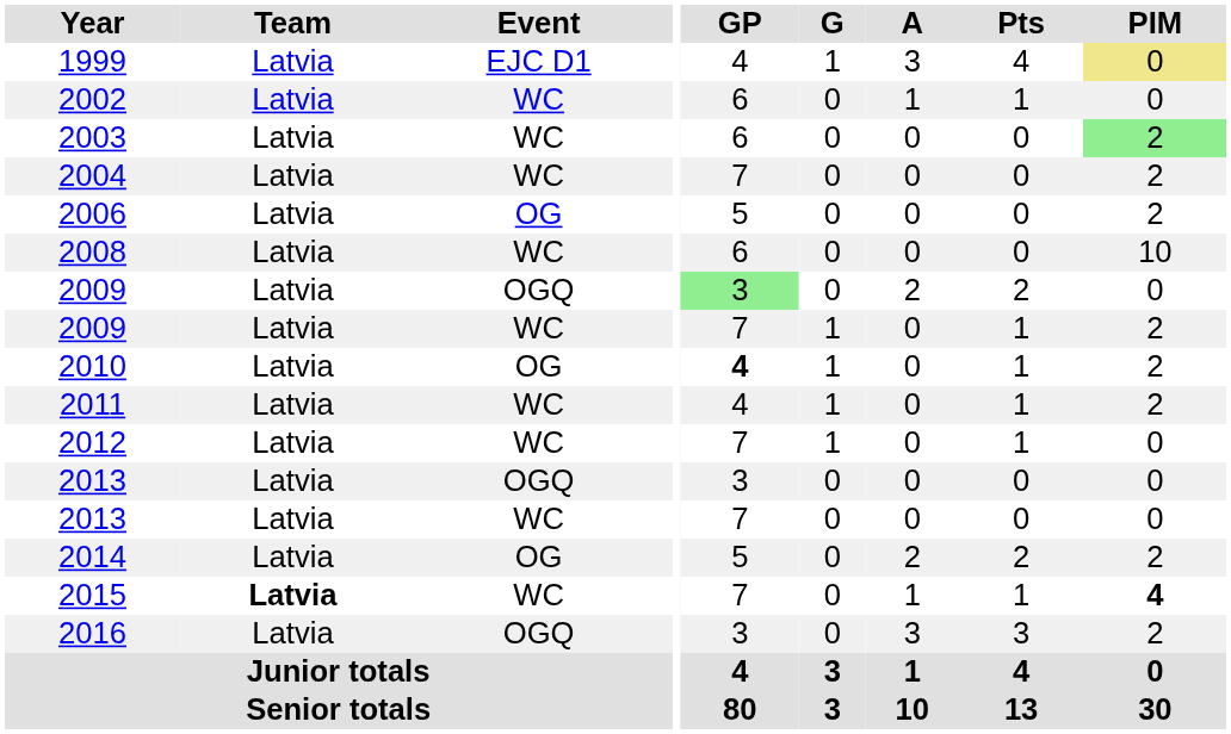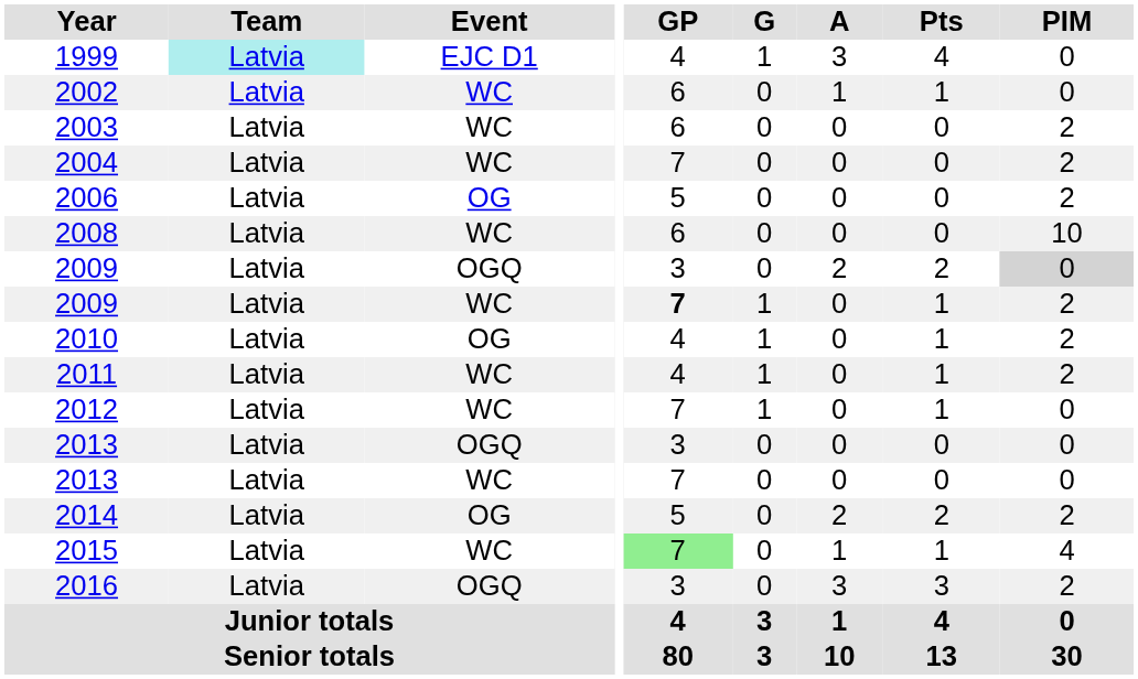 <table border="0" cellpadding="1" cellspacing="0" ID="Table3" style="text-align:center; width:40em">
 <tr ALIGN="center" bgcolor="#e0e0e0">
 <th>Year</th>
 <th>Team</th>
 <th>Event</th>
 <th rowspan="99" bgcolor="#ffffff"></th>
 <th>GP</th>
 <th>G</th>
 <th>A</th>
 <th>Pts</th>
 <th>PIM</th>
 </tr>
 <tr>
 <td><a href='#'>1999</a></td>
-<td><a href='#'>Latvia</a></td>
+<td style="background: paleturquoise;"><a href='#'>Latvia</a></td>
 <td><a href='#'>EJC D1</a></td>
 <td>4</td>
 <td>1</td>
 <td>3</td>
 <td>4</td>
-<td style="background: khaki;">0</td>
+<td>0</td>
 </tr>
 <tr bgcolor="#f0f0f0">
 <td><a href='#'>2002</a></td>
 <td><a href='#'>Latvia</a></td>
 <td><a href='#'>WC</a></td>
 <td>6</td>
 <td>0</td>
 <td>1</td>
 <td>1</td>
 <td>0</td>
 </tr>
 <tr>
 <td><a href='#'>2003</a></td>
 <td>Latvia</td>
 <td>WC</td>
 <td>6</td>
 <td>0</td>
 <td>0</td>
 <td>0</td>
-<td style="background: lightgreen;">2</td>
+<td>2</td>
 </tr>
 <tr bgcolor="#f0f0f0">
 <td><a href='#'>2004</a></td>
 <td>Latvia</td>
 <td>WC</td>
 <td>7</td>
 <td>0</td>
 <td>0</td>
 <td>0</td>
 <td>2</td>
 </tr>
 <tr>
 <td><a href='#'>2006</a></td>
 <td>Latvia</td>
 <td><a href='#'>OG</a></td>
 <td>5</td>
 <td>0</td>
 <td>0</td>
 <td>0</td>
 <td>2</td>
 </tr>
 <tr bgcolor="#f0f0f0">
 <td><a href='#'>2008</a></td>
 <td>Latvia</td>
 <td>WC</td>
 <td>6</td>
 <td>0</td>
 <td>0</td>
 <td>0</td>
 <td>10</td>
 </tr>
 <tr>
 <td><a href='#'>2009</a></td>
 <td>Latvia</td>
 <td>OGQ</td>
-<td style="background: lightgreen;">3</td>
+<td>3</td>
 <td>0</td>
 <td>2</td>
 <td>2</td>
-<td>0</td>
+<td style="background: lightgrey;">0</td>
 </tr>
 <tr bgcolor="#f0f0f0">
 <td><a href='#'>2009</a></td>
 <td>Latvia</td>
 <td>WC</td>
-<td>7</td>
+<td><strong>7</strong></td>
 <td>1</td>
 <td>0</td>
 <td>1</td>
 <td>2</td>
 </tr>
 <tr>
 <td><a href='#'>2010</a></td>
 <td>Latvia</td>
 <td>OG</td>
-<td><strong>4</strong></td>
+<td>4</td>
 <td>1</td>
 <td>0</td>
 <td>1</td>
 <td>2</td>
 </tr>
 <tr bgcolor="#f0f0f0">
 <td><a href='#'>2011</a></td>
 <td>Latvia</td>
 <td>WC</td>
 <td>4</td>
 <td>1</td>
 <td>0</td>
 <td>1</td>
 <td>2</td>
 </tr>
 <tr>
 <td><a href='#'>2012</a></td>
 <td>Latvia</td>
 <td>WC</td>
 <td>7</td>
 <td>1</td>
 <td>0</td>
 <td>1</td>
 <td>0</td>
 </tr>
 <tr bgcolor="#f0f0f0">
 <td><a href='#'>2013</a></td>
 <td>Latvia</td>
 <td>OGQ</td>
 <td>3</td>
 <td>0</td>
 <td>0</td>
 <td>0</td>
 <td>0</td>
 </tr>
 <tr>
 <td><a href='#'>2013</a></td>
 <td>Latvia</td>
 <td>WC</td>
 <td>7</td>
 <td>0</td>
 <td>0</td>
 <td>0</td>
 <td>0</td>
 </tr>
 <tr bgcolor="#f0f0f0">
 <td><a href='#'>2014</a></td>
 <td>Latvia</td>
 <td>OG</td>
 <td>5</td>
 <td>0</td>
 <td>2</td>
 <td>2</td>
 <td>2</td>
 </tr>
 <tr>
 <td><a href='#'>2015</a></td>
-<td><strong>Latvia</strong></td>
+<td>Latvia</td>
 <td>WC</td>
-<td>7</td>
+<td style="background: lightgreen;">7</td>
 <td>0</td>
 <td>1</td>
 <td>1</td>
-<td><strong>4</strong></td>
+<td>4</td>
 </tr>
 <tr bgcolor="#f0f0f0">
 <td><a href='#'>2016</a></td>
 <td>Latvia</td>
 <td>OGQ</td>
 <td>3</td>
 <td>0</td>
 <td>3</td>
 <td>3</td>
 <td>2</td>
 </tr>
 <tr bgcolor="#e0e0e0">
 <th colspan="3">Junior totals</th>
 <th>4</th>
 <th>3</th>
 <th>1</th>
 <th>4</th>
 <th>0</th>
 </tr>
 <tr bgcolor="#e0e0e0">
 <th colspan="3">Senior totals</th>
 <th>80</th>
 <th>3</th>
 <th>10</th>
 <th>13</th>
 <th>30</th>
 </tr>
 </table>
